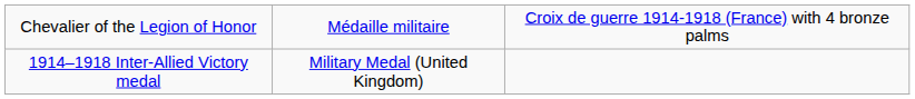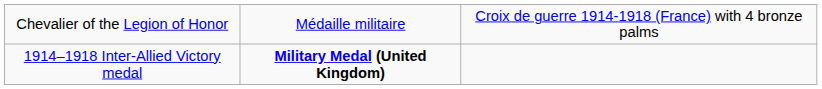 <table class="wikitable" style="margin-left: auto; margin-right: auto; text-align: center; margin-bottom: -1px;">
 <tr>
 <td>Chevalier of the <a href='#'>Legion of Honor</a></td>
 <td><a href='#'>Médaille militaire</a></td>
 <td><a href='#'>Croix de guerre 1914-1918 (France)</a> with 4 bronze palms</td>
 </tr>
 <tr>
 <td><a href='#'>1914–1918 Inter-Allied Victory medal</a></td>
-<td><a href='#'>Military Medal</a> (United Kingdom)</td>
+<td><strong><a href='#'>Military Medal</a> (United Kingdom)</strong></td>
 </tr>
 </table>
